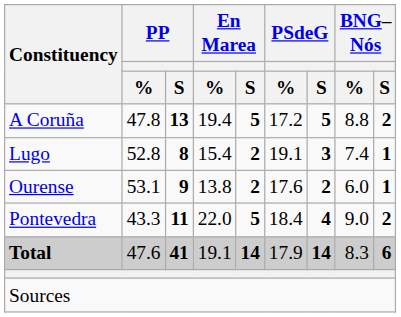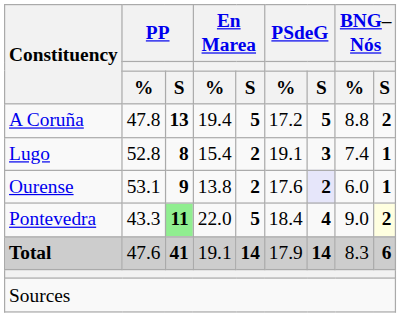 <table class="wikitable sortable" style="text-align:right; line-height:20px;">
 <tr>
 <th rowspan="3">Constituency</th>
 <th colspan="2" width="30px" class="unsortable"><a href='#'>PP</a></th>
 <th colspan="2" width="30px" class="unsortable"><a href='#'>En Marea</a></th>
 <th colspan="2" width="30px" class="unsortable"><a href='#'>PSdeG</a></th>
 <th colspan="2" width="30px" class="unsortable"><a href='#'>BNG</a>–<a href='#'>Nós</a></th>
 </tr>
 <tr>
 <th colspan="2" style="background:"></th>
 <th colspan="2" style="background:"></th>
 <th colspan="2" style="background:"></th>
 <th colspan="2" style="background:"></th>
 </tr>
 <tr>
 <th data-sort-type="number">%</th>
 <th data-sort-type="number">S</th>
 <th data-sort-type="number">%</th>
 <th data-sort-type="number">S</th>
 <th data-sort-type="number">%</th>
 <th data-sort-type="number">S</th>
 <th data-sort-type="number">%</th>
 <th data-sort-type="number">S</th>
 </tr>
 <tr>
 <td align="left"><a href='#'>A Coruña</a></td>
 <td style="background:">47.8</td>
 <td><strong>13</strong></td>
 <td>19.4</td>
 <td><strong>5</strong></td>
 <td>17.2</td>
 <td><strong>5</strong></td>
 <td>8.8</td>
 <td><strong>2</strong></td>
 </tr>
 <tr>
 <td align="left"><a href='#'>Lugo</a></td>
 <td style="background:">52.8</td>
 <td><strong>8</strong></td>
 <td>15.4</td>
 <td><strong>2</strong></td>
 <td>19.1</td>
 <td><strong>3</strong></td>
 <td>7.4</td>
 <td><strong>1</strong></td>
 </tr>
 <tr>
 <td align="left"><a href='#'>Ourense</a></td>
 <td style="background:">53.1</td>
 <td><strong>9</strong></td>
 <td>13.8</td>
 <td><strong>2</strong></td>
 <td>17.6</td>
-<td><strong>2</strong></td>
+<td style="background: lavender;"><strong>2</strong></td>
 <td>6.0</td>
 <td><strong>1</strong></td>
 </tr>
 <tr>
 <td align="left"><a href='#'>Pontevedra</a></td>
 <td style="background:">43.3</td>
-<td><strong>11</strong></td>
+<td style="background: lightgreen;"><strong>11</strong></td>
 <td>22.0</td>
 <td><strong>5</strong></td>
 <td>18.4</td>
 <td><strong>4</strong></td>
 <td>9.0</td>
-<td><strong>2</strong></td>
+<td style="background: lightyellow;"><strong>2</strong></td>
 </tr>
 <tr style="background:#CDCDCD;">
 <td align="left"><strong>Total</strong></td>
 <td style="background:">47.6</td>
 <td><strong>41</strong></td>
 <td>19.1</td>
 <td><strong>14</strong></td>
 <td>17.9</td>
 <td><strong>14</strong></td>
 <td>8.3</td>
 <td><strong>6</strong></td>
 </tr>
 <tr>
 <th colspan="9"></th>
 </tr>
 <tr>
 <th style="text-align:left; font-weight:normal; background:#F9F9F9" colspan="9">Sources</th>
 </tr>
 </table>
